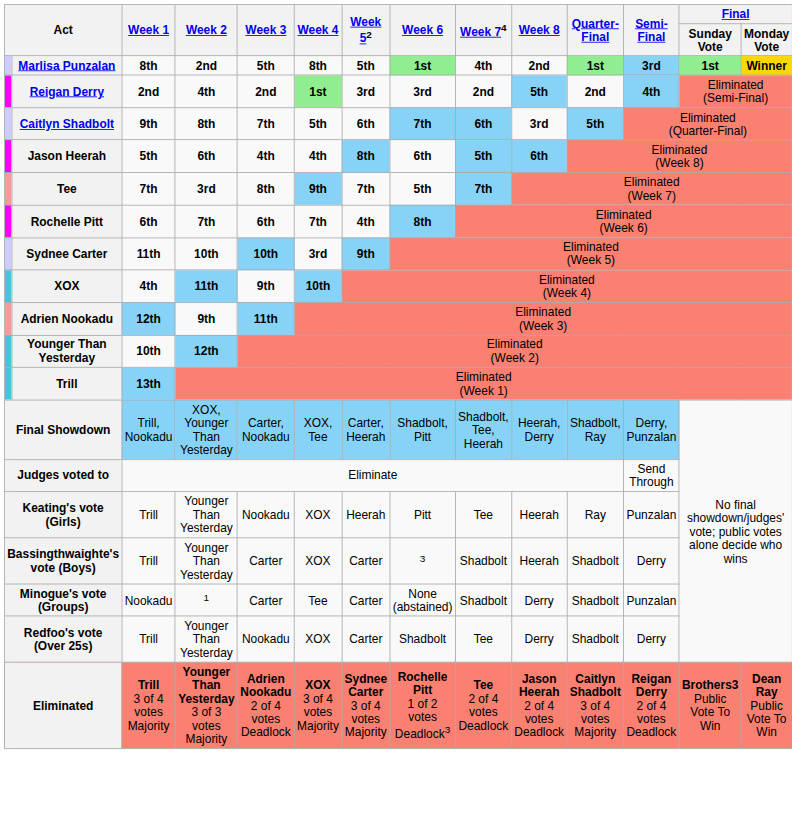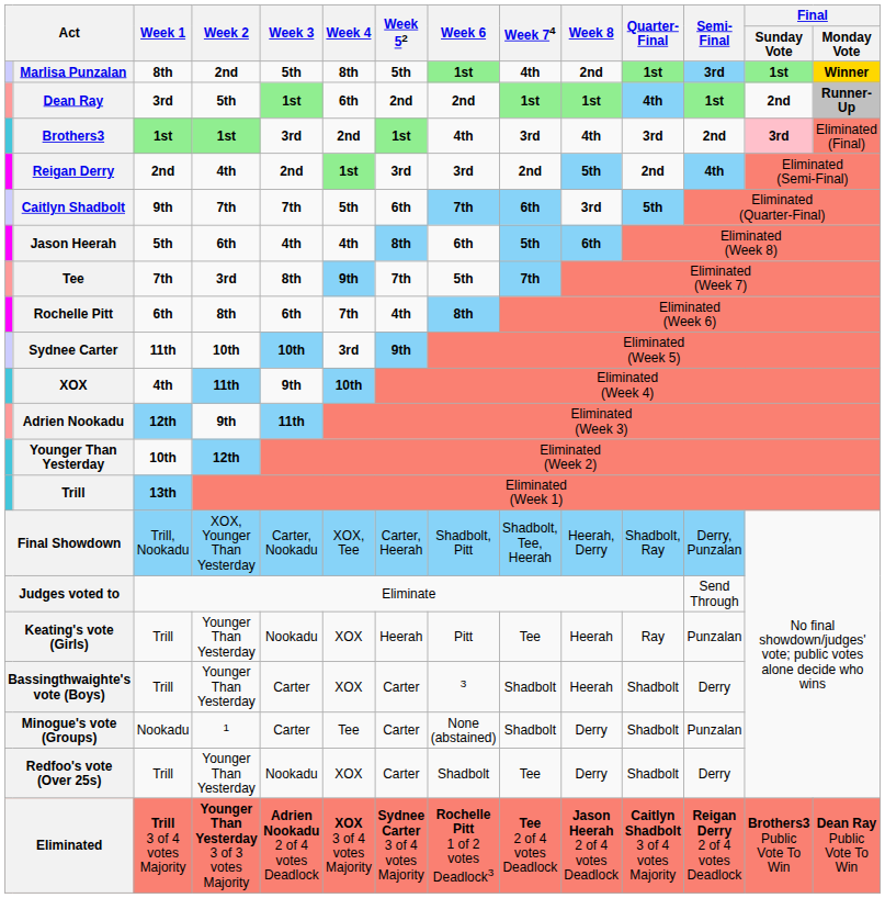 <table class="wikitable" style="text-align:center; font-size:89%">
 <tr>
 <th style="width:12%" rowspan=2 scope="col" colspan=2>Act</th>
 <th style="width:7%" rowspan=2 scope="col"><a href='#'>Week 1</a></th>
 <th style="width:7%" rowspan=2 scope="col"><a href='#'>Week 2</a></th>
 <th style="width:7%" rowspan=2 scope="col"><a href='#'>Week 3</a></th>
 <th style="width:7%" rowspan=2 scope="col"><a href='#'>Week 4</a></th>
 <th style="width:7%" rowspan=2 scope="col"><a href='#'>Week 5</a><sup>2</sup></th>
 <th style="width:7%" rowspan=2 scope="col"><a href='#'>Week 6</a></th>
 <th style="width:7%" rowspan=2 scope="col"><a href='#'>Week 7</a><sup>4</sup></th>
 <th style="width:7%" rowspan=2 scope="col"><a href='#'>Week 8</a></th>
 <th style="width:7%" rowspan=2 scope="col"><a href='#'>Quarter-Final</a></th>
 <th style="width:7%" rowspan=2 scope="col"><a href='#'>Semi-Final</a></th>
 <th style="width:7%" colspan=2 scope="col"><a href='#'>Final</a></th>
 </tr>
 <tr>
 <th style="width:7%">Sunday Vote</th>
 <th style="width:7%">Monday Vote</th>
 </tr>
 <tr>
 <th style="background:#ccf"></th>
 <th scope="row"><a href='#'>Marlisa Punzalan</a></th>
 <td><strong>8th</strong></td>
 <td><strong>2nd</strong></td>
 <td><strong>5th</strong></td>
 <td><strong>8th</strong></td>
 <td><strong>5th</strong></td>
 <td style="background:lightgreen"><strong>1st</strong></td>
 <td><strong>4th</strong></td>
 <td><strong>2nd</strong></td>
 <td style="background:lightgreen"><strong>1st</strong></td>
 <td style="background:#87d3f8;"><strong>3rd</strong></td>
 <td style="background:lightgreen"><strong>1st</strong></td>
 <td style="background:#FFD700"><strong>Winner</strong></td>
 </tr>
 <tr>
+<th style="background:#ff9999"></th>
+<th scope="row"><a href='#'>Dean Ray</a></th>
+<td><strong>3rd</strong></td>
+<td><strong>5th</strong></td>
+<td style="background:lightgreen"><strong>1st</strong></td>
+<td><strong>6th</strong></td>
+<td><strong>2nd</strong></td>
+<td><strong>2nd</strong></td>
+<td style="background:lightgreen"><strong>1st</strong></td>
+<td style="background:lightgreen"><strong>1st</strong></td>
+<td style="background:#87d3f8;"><strong>4th</strong></td>
+<td style="background:lightgreen"><strong>1st</strong></td>
+<td><strong>2nd</strong></td>
+<td style="background:#C0C0C0"><strong>Runner-Up</strong></td>
+</tr>
+<tr>
+<th style="background:#43C6DB"></th>
+<th scope="row"><a href='#'>Brothers3</a></th>
+<td style="background:lightgreen"><strong>1st</strong></td>
+<td style="background:lightgreen"><strong>1st</strong></td>
+<td><strong>3rd</strong></td>
+<td><strong>2nd</strong></td>
+<td style="background:lightgreen"><strong>1st</strong></td>
+<td><strong>4th</strong></td>
+<td><strong>3rd</strong></td>
+<td><strong>4th</strong></td>
+<td><strong>3rd</strong></td>
+<td><strong>2nd</strong></td>
+<td style="background:pink"><strong>3rd</strong></td>
+<td style="background:#FA8072">Eliminated<br>(Final)</td>
+</tr>
+<tr>
 <th style="background:magenta"></th>
 <th scope="row"><a href='#'>Reigan Derry</a></th>
 <td><strong>2nd</strong></td>
 <td><strong>4th</strong></td>
 <td><strong>2nd</strong></td>
 <td style="background:lightgreen"><strong>1st</strong></td>
 <td><strong>3rd</strong></td>
 <td><strong>3rd</strong></td>
 <td><strong>2nd</strong></td>
 <td style="background:#87d3f8;"><strong>5th</strong></td>
 <td><strong>2nd</strong></td>
 <td style="background:#87d3f8;"><strong>4th</strong></td>
 <td style="background:#FA8072" colspan="2">Eliminated<br>(Semi-Final)</td>
 </tr>
 <tr>
 <th style="background:#ccf"></th>
 <th scope="row"><a href='#'>Caitlyn Shadbolt</a></th>
 <td><strong>9th</strong></td>
-<td><strong>8th</strong></td>
+<td><strong>7th</strong></td>
 <td><strong>7th</strong></td>
 <td><strong>5th</strong></td>
 <td><strong>6th</strong></td>
 <td style="background:#87d3f8;"><strong>7th</strong></td>
 <td style="background:#87d3f8;"><strong>6th</strong></td>
 <td><strong>3rd</strong></td>
 <td style="background:#87d3f8;"><strong>5th</strong></td>
 <td colspan="3" style="background:#FA8072">Eliminated<br>(Quarter-Final)</td>
 </tr>
 <tr>
 <th style="background:magenta"></th>
 <th scope="row">Jason Heerah</th>
 <td><strong>5th</strong></td>
 <td><strong>6th</strong></td>
 <td><strong>4th</strong></td>
 <td><strong>4th</strong></td>
 <td style="background:#87d3f8;"><strong>8th</strong></td>
 <td><strong>6th</strong></td>
 <td style="background:#87d3f8;"><strong>5th</strong></td>
 <td style="background:#87d3f8;"><strong>6th</strong></td>
 <td style="background:#FA8072" colspan="4">Eliminated<br>(Week 8)</td>
 </tr>
 <tr>
 <th style="background:#ff9999"></th>
 <th scope="row">Tee</th>
 <td><strong>7th</strong></td>
 <td><strong>3rd</strong></td>
 <td><strong>8th</strong></td>
 <td style="background:#87d3f8;"><strong>9th</strong></td>
 <td><strong>7th</strong></td>
 <td><strong>5th</strong></td>
 <td style="background:#87d3f8;"><strong>7th</strong></td>
 <td colspan="5" style="background:#FA8072">Eliminated<br>(Week 7)</td>
 </tr>
 <tr>
 <th style="background:magenta"></th>
 <th scope="row">Rochelle Pitt</th>
 <td><strong>6th</strong></td>
-<td><strong>7th</strong></td>
+<td><strong>8th</strong></td>
 <td><strong>6th</strong></td>
 <td><strong>7th</strong></td>
 <td><strong>4th</strong></td>
 <td style="background:#87d3f8;"><strong>8th</strong></td>
 <td style="background:#FA8072" colspan="6">Eliminated<br>(Week 6)</td>
 </tr>
 <tr>
 <th style="background:#ccf"></th>
 <th scope="row">Sydnee Carter</th>
 <td><strong>11th</strong></td>
 <td><strong>10th</strong></td>
 <td style="background:#87d3f8;"><strong>10th</strong></td>
 <td><strong>3rd</strong></td>
 <td style="background:#87d3f8;"><strong>9th</strong></td>
 <td colspan="7" style="background:#FA8072">Eliminated<br>(Week 5)</td>
 </tr>
 <tr>
 <th style="background:#43C6DB"></th>
 <th scope="row">XOX</th>
 <td><strong>4th</strong></td>
 <td style="background:#87d3f8;"><strong>11th</strong></td>
 <td><strong>9th</strong></td>
 <td style="background:#87d3f8;"><strong>10th</strong></td>
 <td colspan="8" style="background:#FA8072">Eliminated<br>(Week 4)</td>
 </tr>
 <tr>
 <th style="background:#ff9999"></th>
 <th scope="row">Adrien Nookadu</th>
 <td style="background:#87d3f8;"><strong>12th</strong></td>
 <td><strong>9th</strong></td>
 <td style="background:#87d3f8;"><strong>11th</strong></td>
 <td style="background:#FA8072" colspan="9">Eliminated<br>(Week 3)</td>
 </tr>
 <tr>
 <th style="background:#43C6DB"></th>
 <th scope="row">Younger Than Yesterday</th>
 <td><strong>10th</strong></td>
 <td style="background:#87d3f8;"><strong>12th</strong></td>
 <td colspan="10" style="background:#FA8072">Eliminated<br>(Week 2)</td>
 </tr>
 <tr>
 <th style="background:#43C6DB"></th>
 <th scope="row">Trill</th>
 <td style="background:#87d3f8;"><strong>13th</strong></td>
 <td colspan="11" style="background:#FA8072">Eliminated<br>(Week 1)</td>
 </tr>
 <tr>
 <th rowspan="1" colspan=2><strong>Final Showdown</strong></th>
 <td style="background:#87D3F8">Trill, Nookadu</td>
 <td style="background:#87D3F8">XOX, Younger Than Yesterday</td>
 <td style="background:#87D3F8">Carter, Nookadu</td>
 <td style="background:#87D3F8">XOX, Tee</td>
 <td style="background:#87D3F8">Carter, Heerah</td>
 <td style="background:#87D3F8">Shadbolt, Pitt</td>
 <td style="background:#87D3F8">Shadbolt, Tee, Heerah</td>
 <td style="background:#87D3F8">Heerah, Derry</td>
 <td style="background:#87D3F8">Shadbolt, Ray</td>
 <td style="background:#87D3F8">Derry, Punzalan</td>
 <td rowspan=6 colspan=2>No final showdown/judges' vote; public votes alone decide who wins</td>
 </tr>
 <tr>
 <th scope="row" colspan=2>Judges voted to</th>
 <td colspan="9">Eliminate</td>
 <td>Send Through</td>
 </tr>
 <tr>
 <th scope="row" colspan=2>Keating's vote (Girls)</th>
 <td>Trill</td>
 <td>Younger Than Yesterday</td>
 <td>Nookadu</td>
 <td>XOX</td>
 <td>Heerah</td>
 <td>Pitt</td>
 <td>Tee</td>
 <td>Heerah</td>
 <td>Ray</td>
 <td>Punzalan</td>
 </tr>
 <tr>
 <th scope="row" colspan=2>Bassingthwaighte's vote (Boys)</th>
 <td>Trill</td>
 <td>Younger Than Yesterday</td>
 <td>Carter</td>
 <td>XOX</td>
 <td>Carter</td>
 <td><sup>3</sup></td>
 <td>Shadbolt</td>
 <td>Heerah</td>
 <td>Shadbolt</td>
 <td>Derry</td>
 </tr>
 <tr>
 <th scope="row" colspan=2>Minogue's vote (Groups)</th>
 <td>Nookadu</td>
 <td><sup>1</sup></td>
 <td>Carter</td>
 <td>Tee</td>
 <td>Carter</td>
 <td>None <br> (abstained)</td>
 <td>Shadbolt</td>
 <td>Derry</td>
 <td>Shadbolt</td>
 <td>Punzalan</td>
 </tr>
 <tr>
 <th scope="row" colspan=2>Redfoo's vote (Over 25s)</th>
 <td>Trill</td>
 <td>Younger Than Yesterday</td>
 <td>Nookadu</td>
 <td>XOX</td>
 <td>Carter</td>
 <td>Shadbolt</td>
 <td>Tee</td>
 <td>Derry</td>
 <td>Shadbolt</td>
 <td>Derry</td>
 </tr>
 <tr style="background:#FA8072;">
 <th scope="row" rowspan="3" colspan=2>Eliminated</th>
 <td style="background:#FA8072" rowspan="3"><strong>Trill</strong> <br>3 of 4 votes<br>Majority</td>
 <td style="background:#FA8072" rowspan="3"><strong>Younger Than Yesterday</strong> <br>3 of 3 votes<br>Majority</td>
 <td style="background:#FA8072" rowspan="3"><strong>Adrien Nookadu</strong> <br>2 of 4 votes<br>Deadlock</td>
 <td style="background:#FA8072" rowspan="3"><strong>XOX</strong> <br>3 of 4 votes<br>Majority</td>
 <td style="background:#FA8072" rowspan="3"><strong>Sydnee Carter</strong> <br>3 of 4 votes<br>Majority</td>
 <td style="background:#FA8072" rowspan="3"><strong>Rochelle Pitt</strong> <br>1 of 2 votes<br>Deadlock<sup>3</sup></td>
 <td style="background:#FA8072" rowspan="3"><strong>Tee</strong> <br>2 of 4 votes<br>Deadlock</td>
 <td style="background:#FA8072" rowspan="3"><strong>Jason Heerah</strong> <br>2 of 4 votes<br>Deadlock</td>
 <td style="background:#FA8072" rowspan="3"><strong>Caitlyn Shadbolt</strong> <br>3 of 4 votes<br>Majority</td>
 <td style="background:#FA8072" rowspan="3"><strong>Reigan Derry</strong> <br>2 of 4 votes<br>Deadlock</td>
 <td style="background:#FA8072" rowspan="3"><strong>Brothers3</strong> <br> Public Vote To Win</td>
 <td style="background:#FA8072" rowspan="3"><strong>Dean Ray</strong> <br> Public Vote To Win</td>
 </tr>
 </table>
